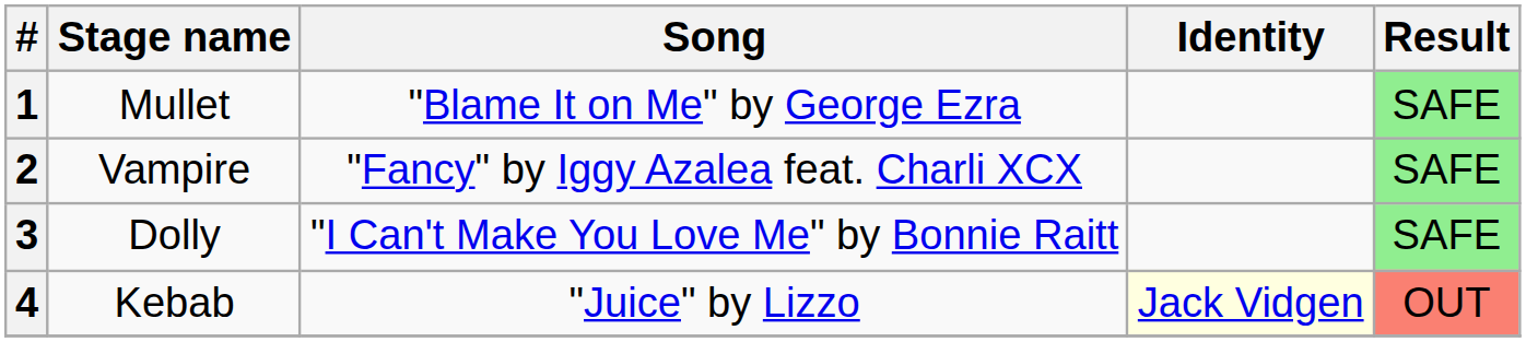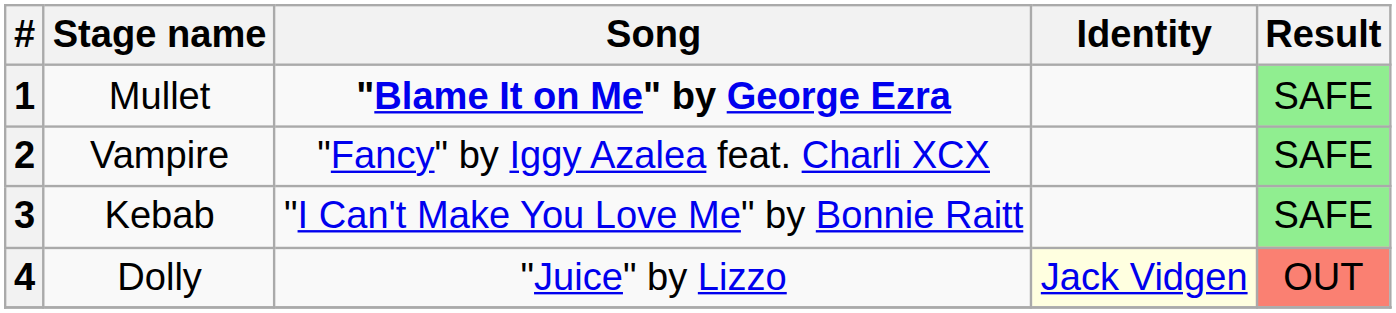 <table class="wikitable plainrowheaders" style="text-align: center;">
 <tr>
 <th>#</th>
 <th>Stage name</th>
 <th>Song</th>
 <th>Identity</th>
 <th>Result</th>
 </tr>
 <tr>
 <th>1</th>
 <td>Mullet</td>
-<td>"<a href='#'>Blame It on Me</a>" by <a href='#'>George Ezra</a></td>
+<td><strong>"<a href='#'>Blame It on Me</a>" by <a href='#'>George Ezra</a></strong></td>
 <td></td>
 <td bgcolor=lightgreen>SAFE</td>
 </tr>
 <tr>
 <th>2</th>
 <td>Vampire</td>
 <td>"<a href='#'>Fancy</a>" by <a href='#'>Iggy Azalea</a> feat. <a href='#'>Charli XCX</a></td>
 <td></td>
 <td bgcolor=lightgreen>SAFE</td>
 </tr>
 <tr>
 <th>3</th>
-<td>Dolly</td>
+<td>Kebab</td>
 <td>"<a href='#'>I Can't Make You Love Me</a>" by <a href='#'>Bonnie Raitt</a></td>
 <td></td>
 <td bgcolor=lightgreen>SAFE</td>
 </tr>
 <tr>
 <th>4</th>
-<td>Kebab</td>
+<td>Dolly</td>
 <td>"<a href='#'>Juice</a>" by <a href='#'>Lizzo</a></td>
 <td style="background: lightyellow;"><a href='#'>Jack Vidgen</a></td>
 <td bgcolor=salmon>OUT</td>
 </tr>
 <tr>
 </tr>
 </table>
